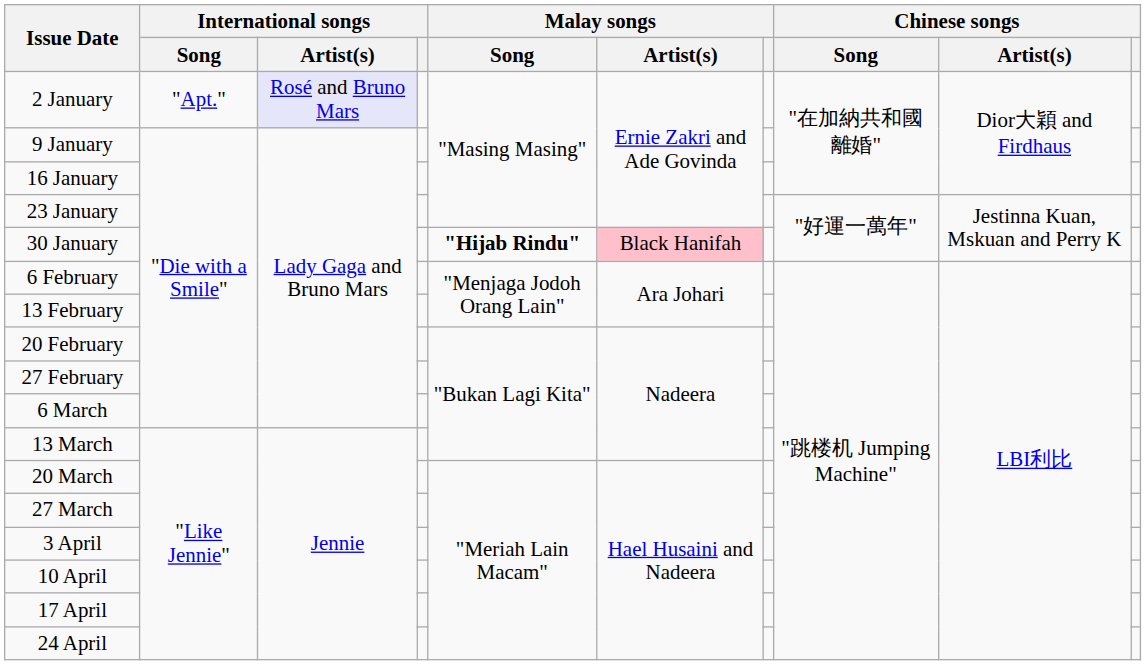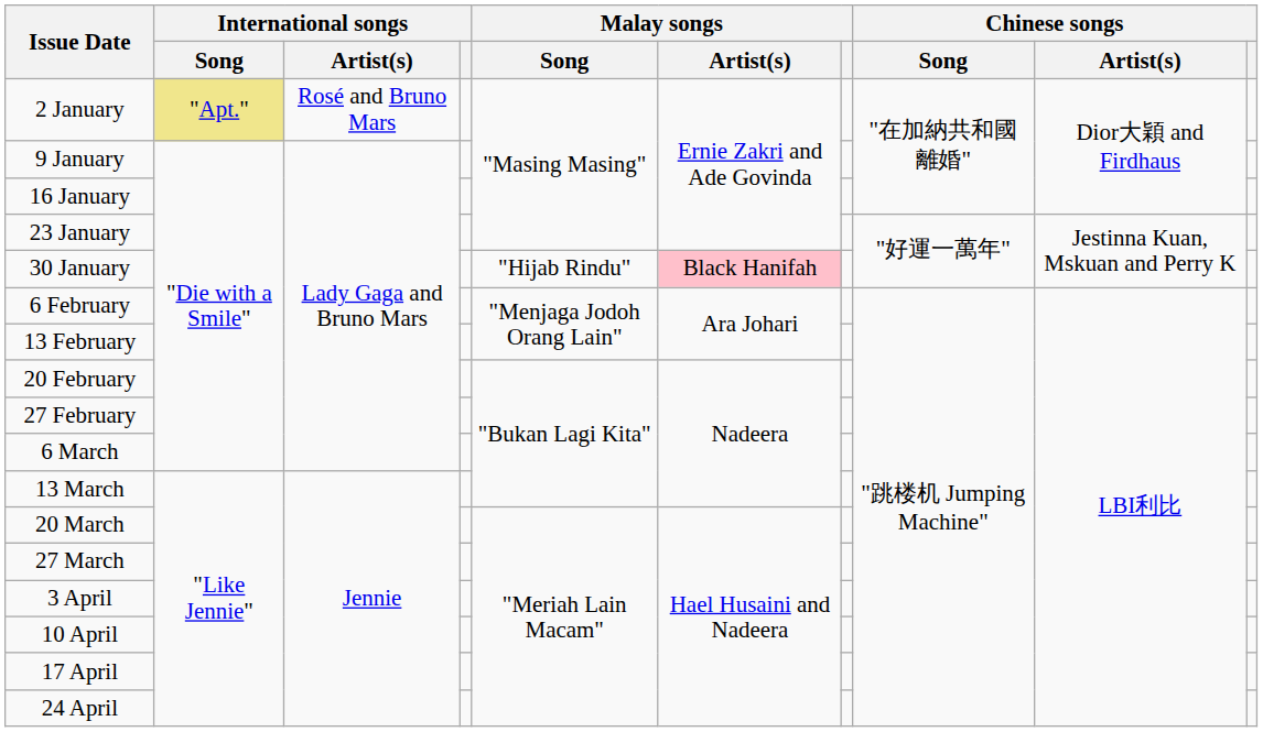 <table class="wikitable" style="text-align: center;">
 <tr>
 <th style=width:6em rowspan="2">Issue Date</th>
 <th colspan="3">International songs</th>
 <th colspan="3">Malay songs</th>
 <th colspan="3">Chinese songs</th>
 </tr>
 <tr>
 <th>Song</th>
 <th>Artist(s)</th>
 <th></th>
 <th>Song</th>
 <th>Artist(s)</th>
 <th></th>
 <th>Song</th>
 <th>Artist(s)</th>
 <th></th>
 </tr>
 <tr>
 <td>2 January</td>
-<td rowspan="1">"<a href='#'>Apt.</a>"</td>
-<td rowspan="1" style="background: lavender;"><a href='#'>Rosé</a> and <a href='#'>Bruno Mars</a></td>
+<td rowspan="1" style="background: khaki;">"<a href='#'>Apt.</a>"</td>
+<td rowspan="1"><a href='#'>Rosé</a> and <a href='#'>Bruno Mars</a></td>
 <td></td>
 <td rowspan="4">"Masing Masing"</td>
 <td rowspan="4"><a href='#'>Ernie Zakri</a> and Ade Govinda</td>
 <td></td>
 <td rowspan="3">"在加納共和國離婚"</td>
 <td rowspan="3">Dior大穎 and <a href='#'>Firdhaus</a></td>
 <td></td>
 </tr>
 <tr>
 <td>9 January</td>
 <td rowspan="9">"<a href='#'>Die with a Smile</a>"</td>
 <td rowspan="9"><a href='#'>Lady Gaga</a> and Bruno Mars</td>
 <td></td>
 <td></td>
 <td></td>
 </tr>
 <tr>
 <td>16 January</td>
 <td></td>
 <td></td>
 <td></td>
 </tr>
 <tr>
 <td>23 January</td>
 <td></td>
 <td></td>
 <td rowspan="2">"好運一萬年"</td>
 <td rowspan="2">Jestinna Kuan, Mskuan and Perry K</td>
 <td></td>
 </tr>
 <tr>
 <td>30 January</td>
 <td></td>
-<td rowspan="1"><strong>"Hijab Rindu"</strong></td>
+<td rowspan="1">"Hijab Rindu"</td>
 <td rowspan="1" style="background: pink;">Black Hanifah</td>
 <td></td>
 <td></td>
 </tr>
 <tr>
 <td>6 February</td>
 <td></td>
 <td rowspan="2">"Menjaga Jodoh Orang Lain"</td>
 <td rowspan="2">Ara Johari</td>
 <td></td>
 <td rowspan="12">"跳楼机 Jumping Machine"</td>
 <td rowspan="12"><a href='#'>LBI利比</a></td>
 <td></td>
 </tr>
 <tr>
 <td>13 February</td>
 <td></td>
 <td></td>
 <td></td>
 </tr>
 <tr>
 <td>20 February</td>
 <td></td>
 <td rowspan="4">"Bukan Lagi Kita"</td>
 <td rowspan="4">Nadeera</td>
 <td></td>
 <td></td>
 </tr>
 <tr>
 <td>27 February</td>
 <td></td>
 <td></td>
 <td></td>
 </tr>
 <tr>
 <td>6 March</td>
 <td></td>
 <td></td>
 <td></td>
 </tr>
 <tr>
 <td>13 March</td>
 <td rowspan="7">"<a href='#'>Like Jennie</a>"</td>
 <td rowspan="7"><a href='#'>Jennie</a></td>
 <td></td>
 <td></td>
 <td></td>
 </tr>
 <tr>
 <td>20 March</td>
 <td></td>
 <td rowspan="6">"Meriah Lain Macam"</td>
 <td rowspan="6"><a href='#'>Hael Husaini</a> and Nadeera</td>
 <td></td>
 <td></td>
 </tr>
 <tr>
 <td>27 March</td>
 <td></td>
 <td></td>
 <td></td>
 </tr>
 <tr>
 <td>3 April</td>
 <td></td>
 <td></td>
 <td></td>
 </tr>
 <tr>
 <td>10 April</td>
 <td></td>
 <td></td>
 <td></td>
 </tr>
 <tr>
 <td>17 April</td>
 <td></td>
 <td></td>
 <td></td>
 </tr>
 <tr>
 <td>24 April</td>
 <td></td>
 <td></td>
 <td></td>
 </tr>
 </table>
